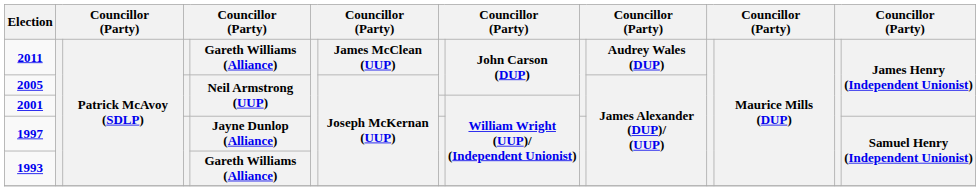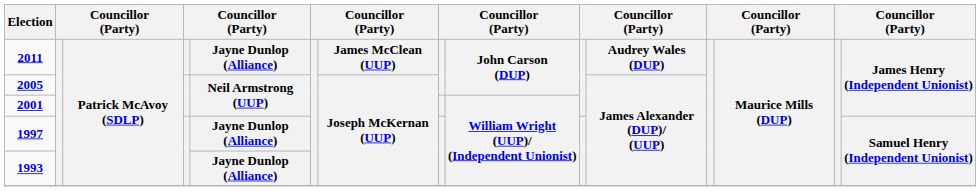 <table class="wikitable" style="text-align:center">
 <tr>
 <th scope="col" width="50">Election</th>
 <th scope="col" width="150" colspan = "2">Councillor<br> (Party)</th>
 <th scope="col" width="150" colspan = "2">Councillor<br> (Party)</th>
 <th scope="col" width="150" colspan = "2">Councillor<br> (Party)</th>
 <th scope="col" width="150" colspan = "2">Councillor<br> (Party)</th>
 <th scope="col" width="150" colspan = "2">Councillor<br> (Party)</th>
 <th scope="col" width="150" colspan = "2">Councillor<br> (Party)</th>
 <th scope="col" width="150" colspan = "2">Councillor<br> (Party)</th>
 </tr>
 <tr>
 <td><strong><a href='#'>2011</a></strong></td>
 <th rowspan="5" width="1" style="background-color: "></th>
 <th rowspan = "5">Patrick McAvoy <br> (<a href='#'>SDLP</a>)</th>
 <th rowspan="1" width="1" style="background-color: "></th>
-<th rowspan = "1">Gareth Williams <br> (<a href='#'>Alliance</a>)</th>
+<th rowspan = "1">Jayne Dunlop <br> (<a href='#'>Alliance</a>)</th>
 <th rowspan="5" width="1" style="background-color: "></th>
 <th rowspan = "1">James McClean <br> (<a href='#'>UUP</a>)</th>
 <th rowspan="2" width="1" style="background-color: "></th>
 <th rowspan = "2">John Carson <br> (<a href='#'>DUP</a>)</th>
 <th rowspan="3" width="1" style="background-color: "></th>
 <th rowspan = "1">Audrey Wales <br> (<a href='#'>DUP</a>)</th>
 <th rowspan="5" width="1" style="background-color: "></th>
 <th rowspan = "5">Maurice Mills <br> (<a href='#'>DUP</a>)</th>
 <th rowspan="5" width="1" style="background-color: "></th>
 <th rowspan = "3">James Henry <br> (<a href='#'>Independent Unionist</a>)</th>
 </tr>
 <tr>
 <td><strong><a href='#'>2005</a></strong></td>
 <th rowspan="2" width="1" style="background-color: "></th>
 <th rowspan = "2">Neil Armstrong <br> (<a href='#'>UUP</a>)</th>
 <th rowspan = "4">Joseph McKernan <br> (<a href='#'>UUP</a>)</th>
 <th rowspan = "4">James Alexander <br> (<a href='#'>DUP</a>)/ <br> (<a href='#'>UUP</a>)</th>
 </tr>
 <tr>
 <td><strong><a href='#'>2001</a></strong></td>
 <th rowspan="1" width="1" style="background-color: "></th>
 <th rowspan = "3"><a href='#'>William Wright</a> <br> (<a href='#'>UUP</a>)/ <br> (<a href='#'>Independent Unionist</a>)</th>
 </tr>
 <tr>
 <td><strong><a href='#'>1997</a></strong></td>
 <th rowspan="2" width="1" style="background-color: "></th>
 <th rowspan = "1">Jayne Dunlop <br> (<a href='#'>Alliance</a>)</th>
 <th rowspan="2" width="1" style="background-color: "></th>
 <th rowspan="2" width="1" style="background-color: "></th>
 <th rowspan = "2">Samuel Henry <br> (<a href='#'>Independent Unionist</a>)</th>
 </tr>
 <tr>
 <td><strong><a href='#'>1993</a></strong></td>
-<th rowspan = "1">Gareth Williams <br> (<a href='#'>Alliance</a>)</th>
+<th rowspan = "1">Jayne Dunlop <br> (<a href='#'>Alliance</a>)</th>
 </tr>
 <tr>
 </tr>
 </table>
